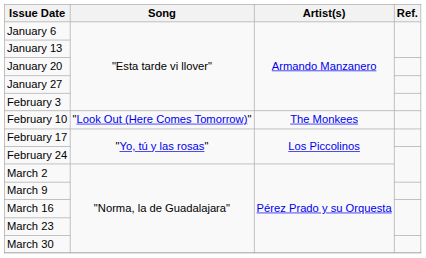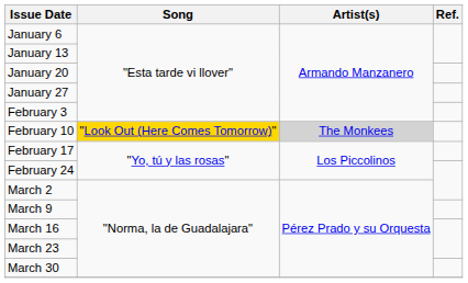 <table class="wikitable">
 <tr>
 <th>Issue Date</th>
 <th>Song</th>
 <th>Artist(s)</th>
 <th>Ref.</th>
 </tr>
 <tr>
 <td>January 6</td>
 <td align="center" rowspan="5">"Esta tarde vi llover"</td>
 <td align="center" rowspan="5"><a href='#'>Armando Manzanero</a></td>
 <td align="center" rowspan="2"></td>
 </tr>
 <tr>
 <td>January 13</td>
 </tr>
 <tr>
 <td>January 20</td>
 <td align="center" rowspan="1"></td>
 </tr>
 <tr>
 <td>January 27</td>
 <td align="center" rowspan="1"></td>
 </tr>
 <tr>
 <td>February 3</td>
 <td align="center" rowspan="1"></td>
 </tr>
 <tr>
 <td>February 10</td>
-<td align="center">"<a href='#'>Look Out (Here Comes Tomorrow)</a>"</td>
-<td align="center"><a href='#'>The Monkees</a></td>
+<td align="center" style="background: gold;">"<a href='#'>Look Out (Here Comes Tomorrow)</a>"</td>
+<td align="center" style="background: lightgrey;"><a href='#'>The Monkees</a></td>
 <td align="center" rowspan="1"></td>
 </tr>
 <tr>
 <td>February 17</td>
 <td align="center" rowspan="2">"<a href='#'>Yo, tú y las rosas</a>"</td>
 <td align="center" rowspan="2"><a href='#'>Los Piccolinos</a></td>
 <td align="center" rowspan="1"></td>
 </tr>
 <tr>
 <td>February 24</td>
 <td align="center" rowspan="2"></td>
 </tr>
 <tr>
 <td>March 2</td>
 <td align="center" rowspan="5">"Norma, la de Guadalajara"</td>
 <td align="center" rowspan="5"><a href='#'>Pérez Prado y su Orquesta</a></td>
 </tr>
 <tr>
 <td>March 9</td>
 <td align="center" rowspan="1"></td>
 </tr>
 <tr>
 <td>March 16</td>
 <td align="center" rowspan="2"></td>
 </tr>
 <tr>
 <td>March 23</td>
 </tr>
 <tr>
 <td>March 30</td>
 <td align="center" rowspan="1"></td>
 </tr>
 <tr>
 </tr>
 </table>
